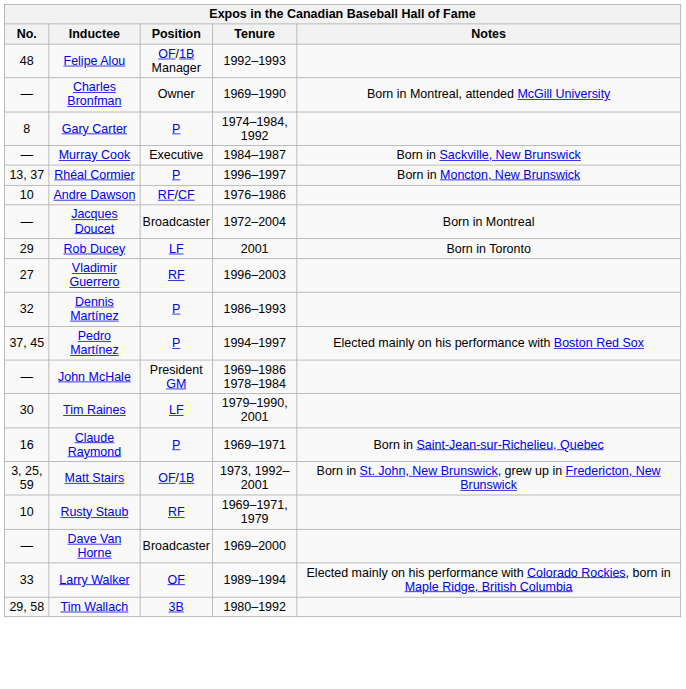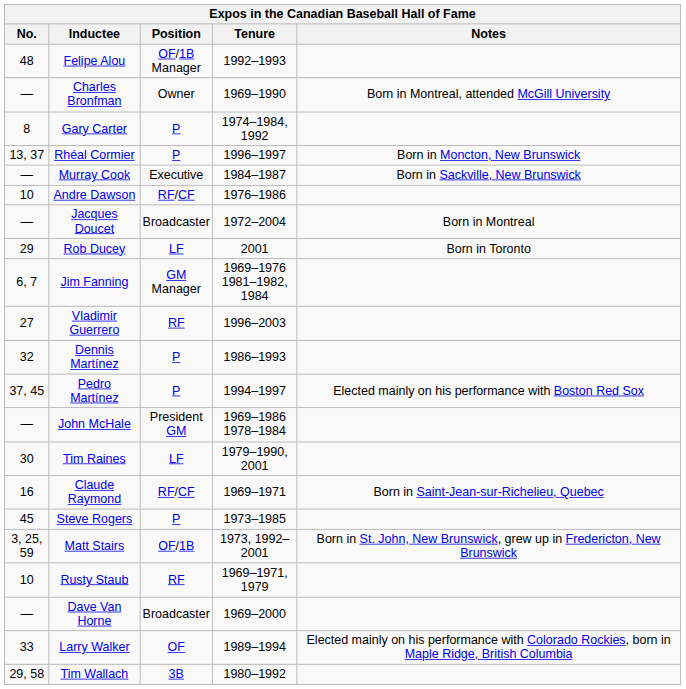 <table class="wikitable" style="text-align:center">
 <tr>
 <th colspan=5>Expos in the Canadian Baseball Hall of Fame</th>
 </tr>
 <tr>
 <th>No.</th>
 <th>Inductee</th>
 <th>Position</th>
 <th>Tenure</th>
 <th>Notes</th>
 </tr>
 <tr>
 <td>48</td>
 <td><a href='#'>Felipe Alou</a></td>
 <td><a href='#'>OF</a>/<a href='#'>1B</a><br>Manager</td>
 <td>1992–1993</td>
 <td></td>
 </tr>
 <tr>
 <td>—</td>
 <td><a href='#'>Charles Bronfman</a></td>
 <td>Owner</td>
 <td>1969–1990</td>
 <td>Born in Montreal, attended <a href='#'>McGill University</a></td>
 </tr>
 <tr>
 <td>8</td>
 <td><a href='#'>Gary Carter</a></td>
 <td><a href='#'>P</a></td>
 <td>1974–1984, 1992</td>
 <td></td>
 </tr>
 <tr>
+<td>13, 37</td>
+<td><a href='#'>Rhéal Cormier</a></td>
+<td><a href='#'>P</a></td>
+<td>1996–1997</td>
+<td>Born in <a href='#'>Moncton, New Brunswick</a></td>
+</tr>
+<tr>
 <td>—</td>
 <td><a href='#'>Murray Cook</a></td>
 <td>Executive</td>
 <td>1984–1987</td>
 <td>Born in <a href='#'>Sackville, New Brunswick</a></td>
-</tr>
-<tr>
-<td>13, 37</td>
-<td><a href='#'>Rhéal Cormier</a></td>
-<td><a href='#'>P</a></td>
-<td>1996–1997</td>
-<td>Born in <a href='#'>Moncton, New Brunswick</a></td>
 </tr>
 <tr>
 <td>10</td>
 <td><a href='#'>Andre Dawson</a></td>
 <td><a href='#'>RF</a>/<a href='#'>CF</a></td>
 <td>1976–1986</td>
 <td></td>
 </tr>
 <tr>
 <td>—</td>
 <td><a href='#'>Jacques Doucet</a></td>
 <td>Broadcaster</td>
 <td>1972–2004</td>
 <td>Born in Montreal</td>
 </tr>
 <tr>
 <td>29</td>
 <td><a href='#'>Rob Ducey</a></td>
 <td><a href='#'>LF</a></td>
 <td>2001</td>
 <td>Born in Toronto</td>
+</tr>
+<tr>
+<td>6, 7</td>
+<td><a href='#'>Jim Fanning</a></td>
+<td><a href='#'>GM</a><br>Manager</td>
+<td>1969–1976<br>1981–1982, 1984</td>
+<td></td>
 </tr>
 <tr>
 <td>27</td>
 <td><a href='#'>Vladimir Guerrero</a></td>
 <td><a href='#'>RF</a></td>
 <td>1996–2003</td>
 <td></td>
 </tr>
 <tr>
 <td>32</td>
 <td><a href='#'>Dennis Martínez</a></td>
 <td><a href='#'>P</a></td>
 <td>1986–1993</td>
 <td></td>
 </tr>
 <tr>
 <td>37, 45</td>
 <td><a href='#'>Pedro Martínez</a></td>
 <td><a href='#'>P</a></td>
 <td>1994–1997</td>
 <td>Elected mainly on his performance with <a href='#'>Boston Red Sox</a></td>
 </tr>
 <tr>
 <td>—</td>
 <td><a href='#'>John McHale</a></td>
 <td>President<br><a href='#'>GM</a></td>
 <td>1969–1986<br>1978–1984</td>
 <td></td>
 </tr>
 <tr>
 <td>30</td>
 <td><a href='#'>Tim Raines</a></td>
 <td><a href='#'>LF</a></td>
 <td>1979–1990, 2001</td>
 <td></td>
 </tr>
 <tr>
 <td>16</td>
 <td><a href='#'>Claude Raymond</a></td>
-<td><a href='#'>P</a></td>
+<td><a href='#'>RF</a>/<a href='#'>CF</a></td>
 <td>1969–1971</td>
 <td>Born in <a href='#'>Saint-Jean-sur-Richelieu, Quebec</a></td>
+</tr>
+<tr>
+<td>45</td>
+<td><a href='#'>Steve Rogers</a></td>
+<td><a href='#'>P</a></td>
+<td>1973–1985</td>
+<td></td>
 </tr>
 <tr>
 <td>3, 25, 59</td>
 <td><a href='#'>Matt Stairs</a></td>
 <td><a href='#'>OF</a>/<a href='#'>1B</a></td>
 <td>1973, 1992–2001</td>
 <td>Born in <a href='#'>St. John, New Brunswick</a>, grew up in <a href='#'>Fredericton, New Brunswick</a></td>
 </tr>
 <tr>
 <td>10</td>
 <td><a href='#'>Rusty Staub</a></td>
 <td><a href='#'>RF</a></td>
 <td>1969–1971, 1979</td>
 <td></td>
 </tr>
 <tr>
 <td>—</td>
 <td><a href='#'>Dave Van Horne</a></td>
 <td>Broadcaster</td>
 <td>1969–2000</td>
 <td></td>
 </tr>
 <tr>
 <td>33</td>
 <td><a href='#'>Larry Walker</a></td>
 <td><a href='#'>OF</a></td>
 <td>1989–1994</td>
 <td>Elected mainly on his performance with <a href='#'>Colorado Rockies</a>, born in <a href='#'>Maple Ridge, British Columbia</a></td>
 </tr>
 <tr>
 <td>29, 58</td>
 <td><a href='#'>Tim Wallach</a></td>
 <td><a href='#'>3B</a></td>
 <td>1980–1992</td>
 <td></td>
 </tr>
 </table>
